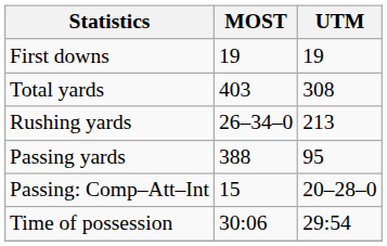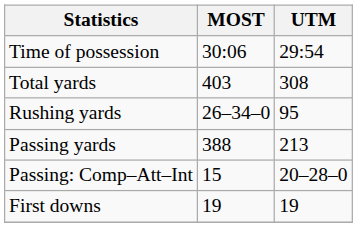 <table class="wikitable" style="float: left;">
 <tr>
 <th>Statistics</th>
 <th>MOST</th>
 <th>UTM</th>
 </tr>
 <tr>
-<td>First downs</td>
-<td>19</td>
-<td>19</td>
+<td>Time of possession</td>
+<td>30:06</td>
+<td>29:54</td>
 </tr>
 <tr>
 <td>Total yards</td>
 <td>403</td>
 <td>308</td>
 </tr>
 <tr>
 <td>Rushing yards</td>
 <td>26–34–0</td>
-<td>213</td>
+<td>95</td>
 </tr>
 <tr>
 <td>Passing yards</td>
 <td>388</td>
-<td>95</td>
+<td>213</td>
 </tr>
 <tr>
 <td>Passing: Comp–Att–Int</td>
 <td>15</td>
 <td>20–28–0</td>
 </tr>
 <tr>
-<td>Time of possession</td>
-<td>30:06</td>
-<td>29:54</td>
+<td>First downs</td>
+<td>19</td>
+<td>19</td>
 </tr>
 <tr>
 </tr>
 </table>
